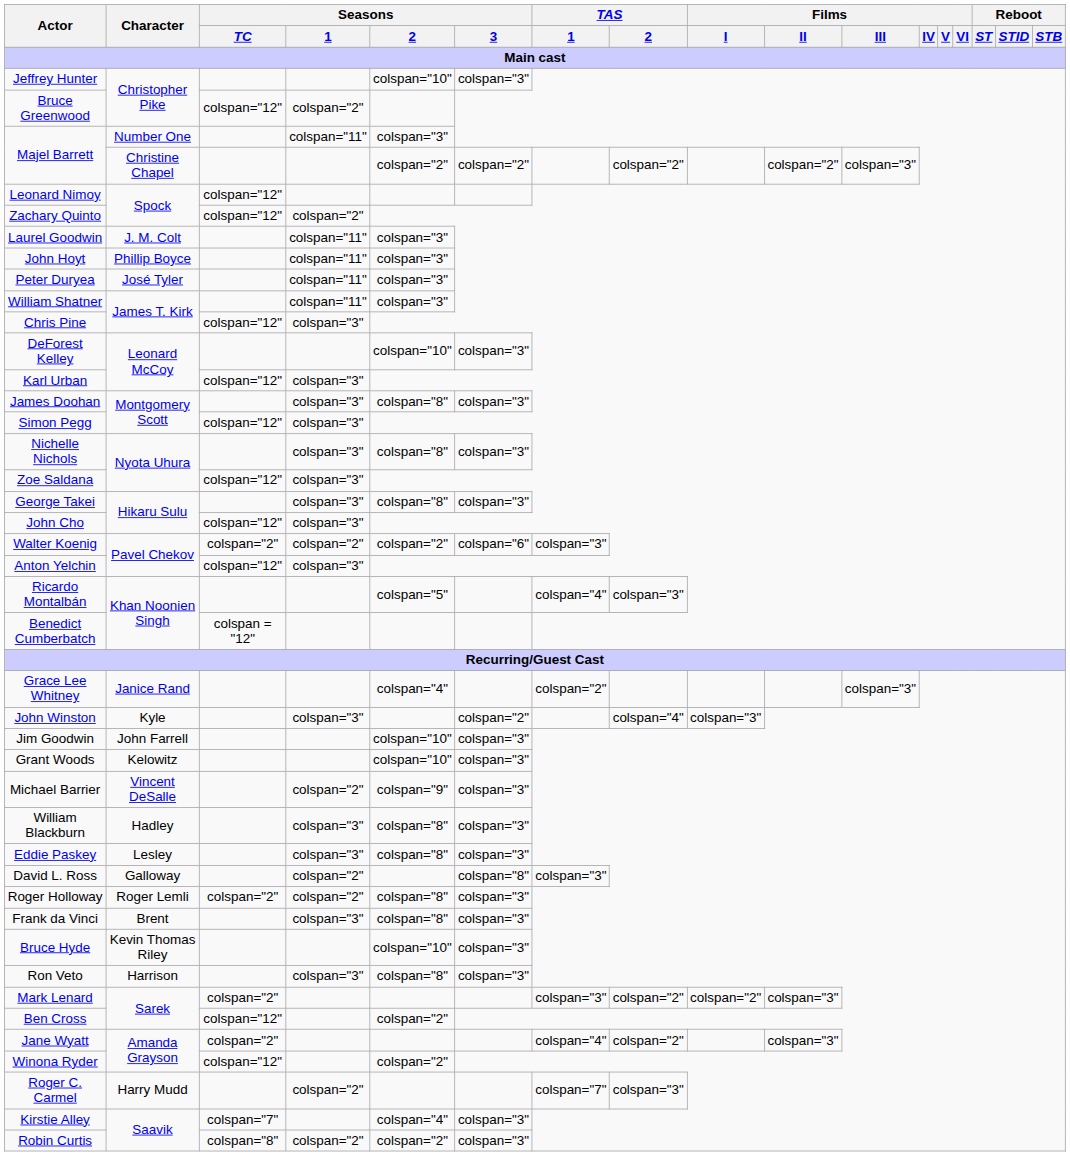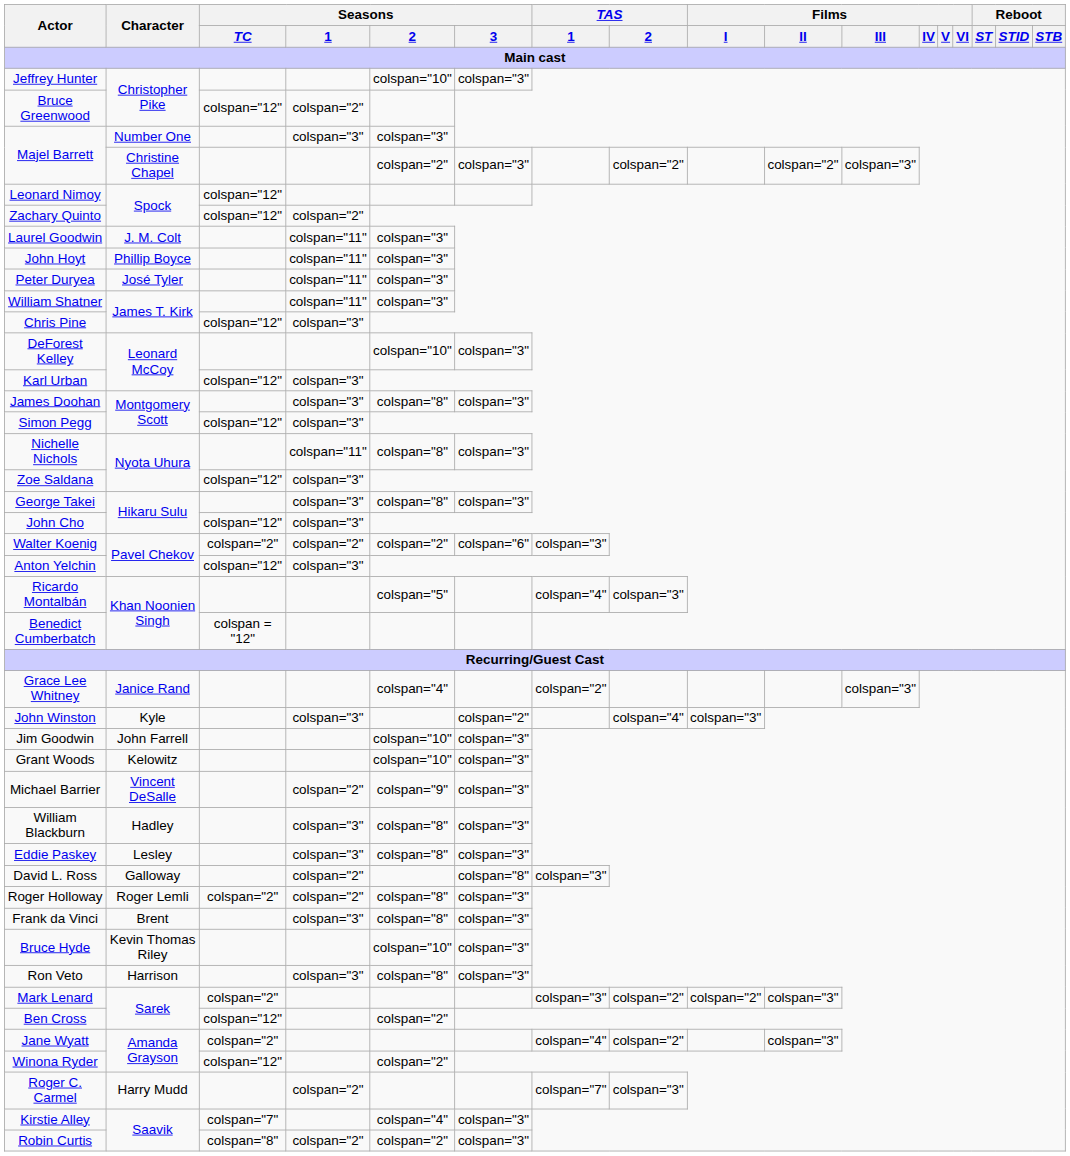 <table class="wikitable plainrowheaders" style="width:100%; text-align:center;">
 <tr>
 <th scope="col" rowspan="2">Actor</th>
 <th scope="col" rowspan="2">Character</th>
 <th scope="col" colspan="4">Seasons</th>
 <th scope="col" colspan="2"><a href='#'><em>TAS</em></a></th>
 <th scope="col" colspan="6">Films</th>
 <th scope="col" colspan="3">Reboot</th>
 </tr>
 <tr>
 <th scope="col"><a href='#'><em>TC</em></a></th>
 <th scope="col"><a href='#'>1</a></th>
 <th scope="col"><a href='#'>2</a></th>
 <th scope="col"><a href='#'>3</a></th>
 <th scope="col"><a href='#'>1</a></th>
 <th scope="col"><a href='#'>2</a></th>
 <th scope="col"><a href='#'>I</a></th>
 <th scope="col"><a href='#'>II</a></th>
 <th scope="col"><a href='#'>III</a></th>
 <th scope="col"><a href='#'>IV</a></th>
 <th scope="col"><a href='#'>V</a></th>
 <th scope="col"><a href='#'>VI</a></th>
 <th scope="col"><a href='#'><em>ST</em></a></th>
 <th scope="col"><a href='#'><em>STID</em></a></th>
 <th scope="col"><a href='#'><em>STB</em></a></th>
 </tr>
 <tr>
 <td scope="row" colspan="17" style="background-color:#ccccff;"><strong>Main cast</strong></td>
 </tr>
 <tr>
 <td scope="row"><a href='#'>Jeffrey Hunter</a></td>
 <td rowspan="2"><a href='#'>Christopher Pike</a></td>
 <td></td>
 <td></td>
 <td>colspan="10" </td>
 <td>colspan="3" </td>
 </tr>
 <tr>
 <td><a href='#'>Bruce Greenwood</a></td>
 <td>colspan="12" </td>
 <td>colspan="2" </td>
 <td></td>
 </tr>
 <tr>
 <td rowspan="2" scope="row"><a href='#'>Majel Barrett</a></td>
 <td><a href='#'>Number One</a></td>
 <td></td>
-<td>colspan="11" </td>
+<td>colspan="3" </td>
 <td>colspan="3" </td>
 </tr>
 <tr>
 <td><a href='#'>Christine Chapel</a></td>
 <td></td>
 <td></td>
 <td>colspan="2" </td>
-<td>colspan="2" </td>
+<td>colspan="3" </td>
 <td></td>
 <td>colspan="2" </td>
 <td></td>
 <td>colspan="2" </td>
 <td>colspan="3" </td>
 </tr>
 <tr>
 <td scope="row"><a href='#'>Leonard Nimoy</a></td>
 <td rowspan="2"><a href='#'>Spock</a></td>
 <td>colspan="12" </td>
 <td></td>
 <td></td>
 <td></td>
 </tr>
 <tr>
 <td scope="row"><a href='#'>Zachary Quinto</a></td>
 <td>colspan="12" </td>
 <td>colspan="2" </td>
 </tr>
 <tr>
 <td scope="row"><a href='#'>Laurel Goodwin</a></td>
 <td><a href='#'>J. M. Colt</a></td>
 <td></td>
 <td>colspan="11" </td>
 <td>colspan="3" </td>
 </tr>
 <tr>
 <td scope="row"><a href='#'>John Hoyt</a></td>
 <td><a href='#'>Phillip Boyce</a></td>
 <td></td>
 <td>colspan="11" </td>
 <td>colspan="3" </td>
 </tr>
 <tr>
 <td scope="row"><a href='#'>Peter Duryea</a></td>
 <td><a href='#'>José Tyler</a></td>
 <td></td>
 <td>colspan="11" </td>
 <td>colspan="3" </td>
 </tr>
 <tr>
 <td scope="row"><a href='#'>William Shatner</a></td>
 <td rowspan="2"><a href='#'>James T. Kirk</a></td>
 <td></td>
 <td>colspan="11" </td>
 <td>colspan="3" </td>
 </tr>
 <tr>
 <td scope="row"><a href='#'>Chris Pine</a></td>
 <td>colspan="12" </td>
 <td>colspan="3" </td>
 </tr>
 <tr>
 <td scope="row"><a href='#'>DeForest Kelley</a></td>
 <td rowspan="2"><a href='#'>Leonard McCoy</a></td>
 <td></td>
 <td></td>
 <td>colspan="10" </td>
 <td>colspan="3" </td>
 </tr>
 <tr>
 <td scope="row"><a href='#'>Karl Urban</a></td>
 <td>colspan="12" </td>
 <td>colspan="3" </td>
 </tr>
 <tr>
 <td scope="row"><a href='#'>James Doohan</a></td>
 <td rowspan="2"><a href='#'>Montgomery Scott</a></td>
 <td></td>
 <td>colspan="3" </td>
 <td>colspan="8" </td>
 <td>colspan="3" </td>
 </tr>
 <tr>
 <td scope="row"><a href='#'>Simon Pegg</a></td>
 <td>colspan="12" </td>
 <td>colspan="3" </td>
 </tr>
 <tr>
 <td scope="row"><a href='#'>Nichelle Nichols</a></td>
 <td rowspan="2"><a href='#'>Nyota Uhura</a></td>
 <td></td>
-<td>colspan="3" </td>
+<td>colspan="11" </td>
 <td>colspan="8" </td>
 <td>colspan="3" </td>
 </tr>
 <tr>
 <td scope="row"><a href='#'>Zoe Saldana</a></td>
 <td>colspan="12" </td>
 <td>colspan="3" </td>
 </tr>
 <tr>
 <td scope="row"><a href='#'>George Takei</a></td>
 <td rowspan="2"><a href='#'>Hikaru Sulu</a></td>
 <td></td>
 <td>colspan="3" </td>
 <td>colspan="8" </td>
 <td>colspan="3" </td>
 </tr>
 <tr>
 <td scope="row"><a href='#'>John Cho</a></td>
 <td>colspan="12" </td>
 <td>colspan="3" </td>
 </tr>
 <tr>
 <td scope="row"><a href='#'>Walter Koenig</a></td>
 <td rowspan="2"><a href='#'>Pavel Chekov</a></td>
 <td>colspan="2" </td>
 <td>colspan="2" </td>
 <td>colspan="2" </td>
 <td>colspan="6" </td>
 <td>colspan="3" </td>
 </tr>
 <tr>
 <td scope="row"><a href='#'>Anton Yelchin</a></td>
 <td>colspan="12" </td>
 <td>colspan="3" </td>
 </tr>
 <tr>
 <td scope="row"><a href='#'>Ricardo Montalbán</a></td>
 <td rowspan="2"><a href='#'>Khan Noonien Singh</a></td>
 <td></td>
 <td></td>
 <td>colspan="5" </td>
 <td></td>
 <td>colspan="4" </td>
 <td>colspan="3" </td>
 </tr>
 <tr>
 <td scope="row"><a href='#'>Benedict Cumberbatch</a></td>
 <td>colspan = "12" </td>
 <td></td>
 <td></td>
 <td></td>
 </tr>
 <tr>
 <td scope="row" colspan="17" style="background-color:#ccccff;"><strong>Recurring/Guest Cast</strong></td>
 </tr>
 <tr>
 <td scope="row"><a href='#'>Grace Lee Whitney</a></td>
 <td><a href='#'>Janice Rand</a></td>
 <td></td>
 <td></td>
 <td>colspan="4" </td>
 <td></td>
 <td>colspan="2" </td>
 <td></td>
 <td></td>
 <td></td>
 <td>colspan="3" </td>
 </tr>
 <tr>
 <td scope="row"><a href='#'>John Winston</a></td>
 <td>Kyle</td>
 <td></td>
 <td>colspan="3" </td>
 <td></td>
 <td>colspan="2" </td>
 <td></td>
 <td>colspan="4" </td>
 <td>colspan="3" </td>
 </tr>
 <tr>
 <td scope="row">Jim Goodwin</td>
 <td>John Farrell</td>
 <td></td>
 <td></td>
 <td>colspan="10" </td>
 <td>colspan="3" </td>
 </tr>
 <tr>
 <td scope="row">Grant Woods</td>
 <td>Kelowitz</td>
 <td></td>
 <td></td>
 <td>colspan="10" </td>
 <td>colspan="3" </td>
 </tr>
 <tr>
 <td scope="row">Michael Barrier</td>
 <td><a href='#'>Vincent DeSalle</a></td>
 <td></td>
 <td>colspan="2" </td>
 <td>colspan="9" </td>
 <td>colspan="3" </td>
 </tr>
 <tr>
 <td scope="row">William Blackburn</td>
 <td>Hadley</td>
 <td></td>
 <td>colspan="3" </td>
 <td>colspan="8" </td>
 <td>colspan="3" </td>
 </tr>
 <tr>
 <td scope="row"><a href='#'>Eddie Paskey</a></td>
 <td>Lesley</td>
 <td></td>
 <td>colspan="3" </td>
 <td>colspan="8" </td>
 <td>colspan="3" </td>
 </tr>
 <tr>
 <td scope="row">David L. Ross</td>
 <td>Galloway</td>
 <td></td>
 <td>colspan="2" </td>
 <td></td>
 <td>colspan="8" </td>
 <td>colspan="3" </td>
 </tr>
 <tr>
 <td scope="row">Roger Holloway</td>
 <td>Roger Lemli</td>
 <td>colspan="2" </td>
 <td>colspan="2" </td>
 <td>colspan="8" </td>
 <td>colspan="3" </td>
 </tr>
 <tr>
 <td scope="row">Frank da Vinci</td>
 <td>Brent</td>
 <td></td>
 <td>colspan="3" </td>
 <td>colspan="8" </td>
 <td>colspan="3" </td>
 </tr>
 <tr>
 <td scope="row"><a href='#'>Bruce Hyde</a></td>
 <td>Kevin Thomas Riley</td>
 <td></td>
 <td></td>
 <td>colspan="10" </td>
 <td>colspan="3" </td>
 </tr>
 <tr>
 <td scope="row">Ron Veto</td>
 <td>Harrison</td>
 <td></td>
 <td>colspan="3" </td>
 <td>colspan="8" </td>
 <td>colspan="3" </td>
 </tr>
 <tr>
 <td scope="row"><a href='#'>Mark Lenard</a></td>
 <td rowspan="2"><a href='#'>Sarek</a></td>
 <td>colspan="2" </td>
 <td></td>
 <td></td>
 <td></td>
 <td>colspan="3" </td>
 <td>colspan="2" </td>
 <td>colspan="2" </td>
 <td>colspan="3" </td>
 </tr>
 <tr>
 <td scope="row"><a href='#'>Ben Cross</a></td>
 <td>colspan="12" </td>
 <td></td>
 <td>colspan="2" </td>
 </tr>
 <tr>
 <td scope="row"><a href='#'>Jane Wyatt</a></td>
 <td rowspan="2"><a href='#'>Amanda Grayson</a></td>
 <td>colspan="2" </td>
 <td></td>
 <td></td>
 <td></td>
 <td>colspan="4" </td>
 <td>colspan="2" </td>
 <td></td>
 <td>colspan="3" </td>
 </tr>
 <tr>
 <td scope="row"><a href='#'>Winona Ryder</a></td>
 <td>colspan="12" </td>
 <td></td>
 <td>colspan="2" </td>
 </tr>
 <tr>
 <td scope="row"><a href='#'>Roger C. Carmel</a></td>
 <td>Harry Mudd</td>
 <td></td>
 <td>colspan="2" </td>
 <td></td>
 <td></td>
 <td>colspan="7" </td>
 <td>colspan="3" </td>
 </tr>
 <tr>
 <td scope="row"><a href='#'>Kirstie Alley</a></td>
 <td rowspan="2"><a href='#'>Saavik</a></td>
 <td>colspan="7" </td>
 <td></td>
 <td>colspan="4" </td>
 <td>colspan="3" </td>
 </tr>
 <tr>
 <td scope="row"><a href='#'>Robin Curtis</a></td>
 <td>colspan="8" </td>
 <td>colspan="2" </td>
 <td>colspan="2" </td>
 <td>colspan="3" </td>
 </tr>
 </table>
